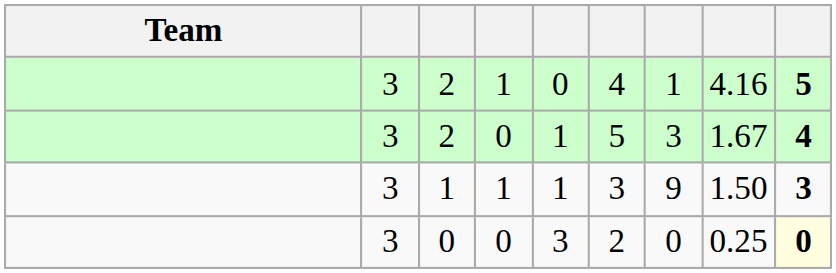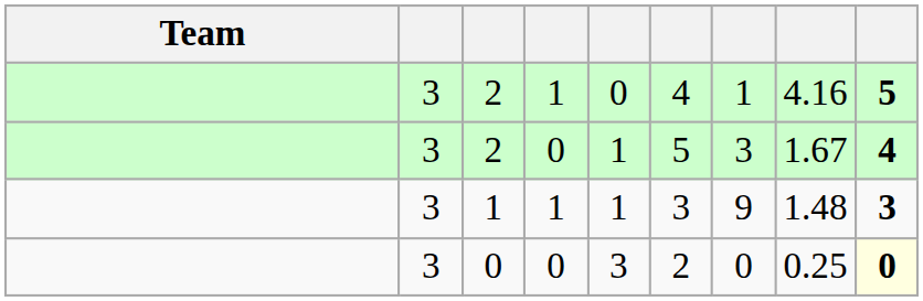 <table class="wikitable" style="text-align:center">
 <tr>
 <th width=165>Team</th>
 <th width=20></th>
 <th width=20></th>
 <th width=20></th>
 <th width=20></th>
 <th width=20></th>
 <th width=20></th>
 <th width=20></th>
 <th width=20></th>
 </tr>
 <tr style="background:#cfc;">
 <td align="left"></td>
 <td>3</td>
 <td>2</td>
 <td>1</td>
 <td>0</td>
 <td>4</td>
 <td>1</td>
 <td>4.16</td>
 <td><strong>5</strong></td>
 </tr>
 <tr style="background:#cfc;">
 <td align="left"></td>
 <td>3</td>
 <td>2</td>
 <td>0</td>
 <td>1</td>
 <td>5</td>
 <td>3</td>
 <td>1.67</td>
 <td><strong>4</strong></td>
 </tr>
 <tr>
 <td align="left"></td>
 <td>3</td>
 <td>1</td>
 <td>1</td>
 <td>1</td>
 <td>3</td>
 <td>9</td>
-<td>1.50</td>
+<td>1.48</td>
 <td><strong>3</strong></td>
 </tr>
 <tr>
 <td align="left"></td>
 <td>3</td>
 <td>0</td>
 <td>0</td>
 <td>3</td>
 <td>2</td>
 <td>0</td>
 <td>0.25</td>
 <td style="background: lightyellow;"><strong>0</strong></td>
 </tr>
 </table>
